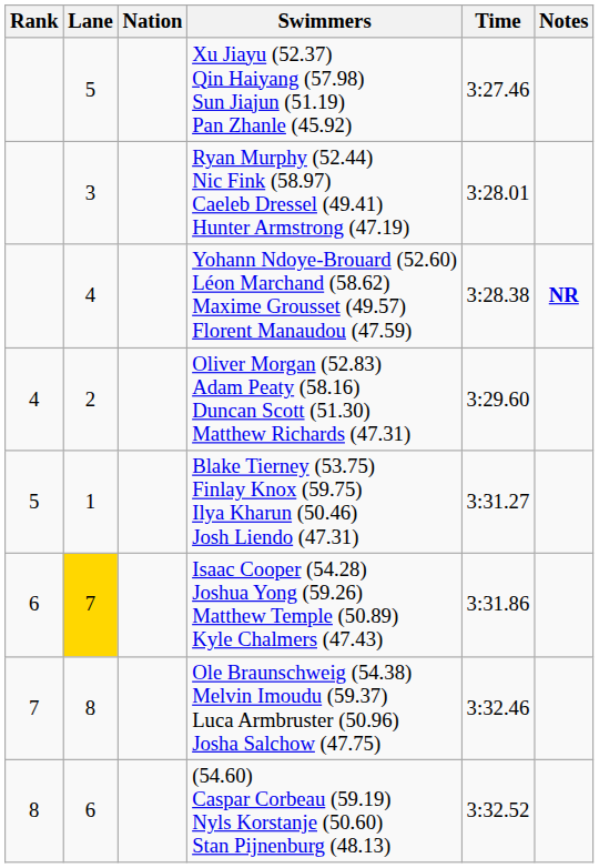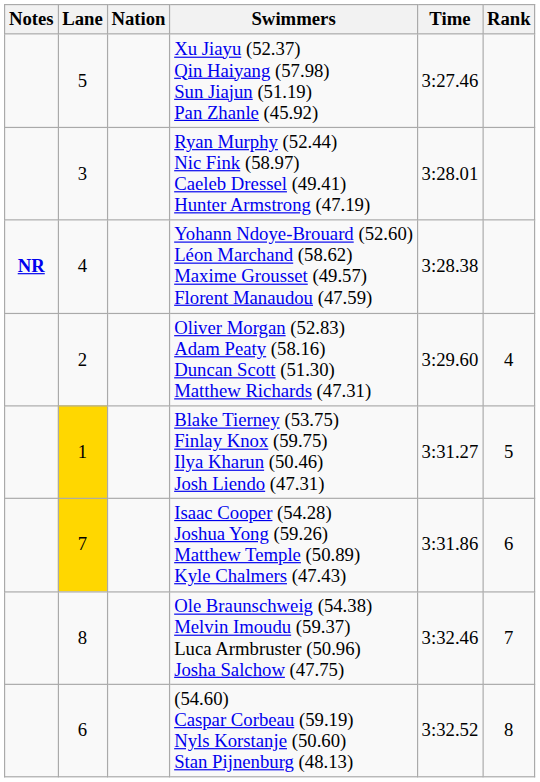 <table class="wikitable sortable mw-collapsible" style="text-align:center">
 <tr>
-<th scope="col">Rank</th>
+<th scope="col">Notes</th>
 <th scope="col">Lane</th>
 <th scope="col">Nation</th>
 <th scope="col">Swimmers</th>
 <th scope="col">Time</th>
-<th scope="col">Notes</th>
+<th scope="col">Rank</th>
 </tr>
 <tr>
 <td></td>
 <td>5</td>
 <td align="left"></td>
 <td align="left"><a href='#'>Xu Jiayu</a> (52.37)<br><a href='#'>Qin Haiyang</a> (57.98)<br><a href='#'>Sun Jiajun</a> (51.19)<br><a href='#'>Pan Zhanle</a> (45.92)</td>
 <td>3:27.46</td>
 <td></td>
 </tr>
 <tr>
 <td></td>
 <td>3</td>
 <td align="left"></td>
 <td align="left"><a href='#'>Ryan Murphy</a> (52.44)<br><a href='#'>Nic Fink</a> (58.97)<br><a href='#'>Caeleb Dressel</a> (49.41)<br><a href='#'>Hunter Armstrong</a> (47.19)</td>
 <td>3:28.01</td>
 <td></td>
 </tr>
 <tr>
-<td></td>
+<td><strong><a href='#'>NR</a></strong></td>
 <td>4</td>
 <td align="left"></td>
 <td align="left"><a href='#'>Yohann Ndoye-Brouard</a> (52.60)<br><a href='#'>Léon Marchand</a> (58.62)<br><a href='#'>Maxime Grousset</a> (49.57)<br><a href='#'>Florent Manaudou</a> (47.59)</td>
 <td>3:28.38</td>
-<td><strong><a href='#'>NR</a></strong></td>
+<td></td>
 </tr>
 <tr>
-<td>4</td>
+<td></td>
 <td>2</td>
 <td align="left"></td>
 <td align="left"><a href='#'>Oliver Morgan</a> (52.83)<br><a href='#'>Adam Peaty</a> (58.16)<br><a href='#'>Duncan Scott</a> (51.30)<br><a href='#'>Matthew Richards</a> (47.31)</td>
 <td>3:29.60</td>
-<td></td>
+<td>4</td>
 </tr>
 <tr>
-<td>5</td>
-<td>1</td>
+<td></td>
+<td style="background: gold;">1</td>
 <td align="left"></td>
 <td align="left"><a href='#'>Blake Tierney</a> (53.75)<br><a href='#'>Finlay Knox</a> (59.75)<br><a href='#'>Ilya Kharun</a> (50.46)<br><a href='#'>Josh Liendo</a> (47.31)</td>
 <td>3:31.27</td>
-<td></td>
+<td>5</td>
 </tr>
 <tr>
-<td>6</td>
+<td></td>
 <td style="background: gold;">7</td>
 <td align="left"></td>
 <td align="left"><a href='#'>Isaac Cooper</a> (54.28)<br><a href='#'>Joshua Yong</a> (59.26)<br><a href='#'>Matthew Temple</a> (50.89)<br><a href='#'>Kyle Chalmers</a> (47.43)</td>
 <td>3:31.86</td>
-<td></td>
+<td>6</td>
 </tr>
 <tr>
-<td>7</td>
+<td></td>
 <td>8</td>
 <td align="left"></td>
 <td align="left"><a href='#'>Ole Braunschweig</a> (54.38)<br><a href='#'>Melvin Imoudu</a> (59.37)<br>Luca Armbruster (50.96)<br><a href='#'>Josha Salchow</a> (47.75)</td>
 <td>3:32.46</td>
-<td></td>
+<td>7</td>
 </tr>
 <tr>
-<td>8</td>
+<td></td>
 <td>6</td>
 <td align="left"></td>
 <td align="left"> (54.60)<br><a href='#'>Caspar Corbeau</a> (59.19)<br><a href='#'>Nyls Korstanje</a> (50.60)<br><a href='#'>Stan Pijnenburg</a> (48.13)</td>
 <td>3:32.52</td>
-<td></td>
+<td>8</td>
 </tr>
 </table>
